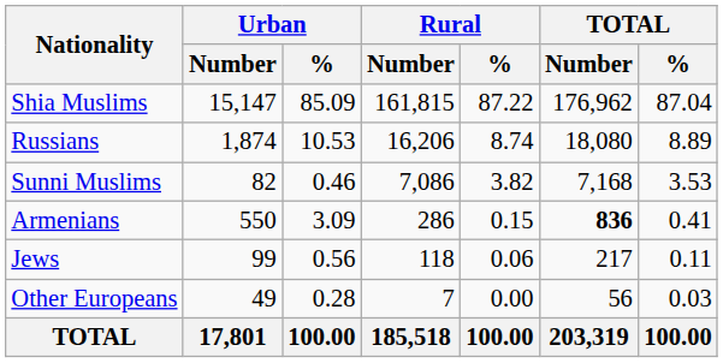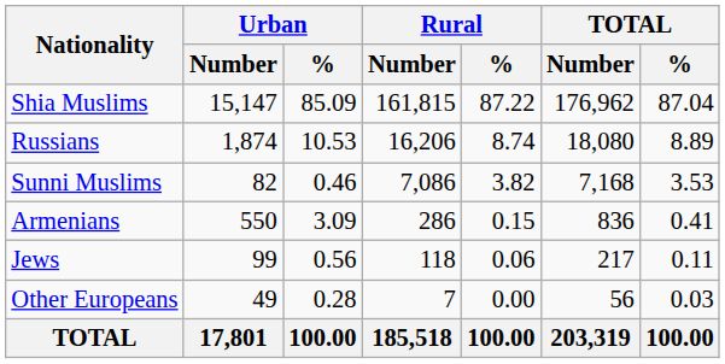 <table class="wikitable sortable">
 <tr>
 <th rowspan="2">Nationality</th>
 <th colspan="2"><a href='#'>Urban</a></th>
 <th colspan="2"><a href='#'>Rural</a></th>
 <th colspan="2">TOTAL</th>
 </tr>
 <tr>
 <th>Number</th>
 <th>%</th>
 <th>Number</th>
 <th>%</th>
 <th>Number</th>
 <th>%</th>
 </tr>
 <tr>
 <td><a href='#'>Shia Muslims</a></td>
 <td align="right">15,147</td>
 <td align="right">85.09</td>
 <td align="right">161,815</td>
 <td align="right">87.22</td>
 <td align="right">176,962</td>
 <td align="right">87.04</td>
 </tr>
 <tr>
 <td><a href='#'>Russians</a></td>
 <td align="right">1,874</td>
 <td align="right">10.53</td>
 <td align="right">16,206</td>
 <td align="right">8.74</td>
 <td align="right">18,080</td>
 <td align="right">8.89</td>
 </tr>
 <tr>
 <td><a href='#'>Sunni Muslims</a></td>
 <td align="right">82</td>
 <td align="right">0.46</td>
 <td align="right">7,086</td>
 <td align="right">3.82</td>
 <td align="right">7,168</td>
 <td align="right">3.53</td>
 </tr>
 <tr>
 <td><a href='#'>Armenians</a></td>
 <td align="right">550</td>
 <td align="right">3.09</td>
 <td align="right">286</td>
 <td align="right">0.15</td>
-<td align="right"><strong>836</strong></td>
+<td align="right">836</td>
 <td align="right">0.41</td>
 </tr>
 <tr>
 <td><a href='#'>Jews</a></td>
 <td align="right">99</td>
 <td align="right">0.56</td>
 <td align="right">118</td>
 <td align="right">0.06</td>
 <td align="right">217</td>
 <td align="right">0.11</td>
 </tr>
 <tr>
 <td><a href='#'>Other Europeans</a></td>
 <td align="right">49</td>
 <td align="right">0.28</td>
 <td align="right">7</td>
 <td align="right">0.00</td>
 <td align="right">56</td>
 <td align="right">0.03</td>
 </tr>
 <tr>
 <th>TOTAL</th>
 <th>17,801</th>
 <th>100.00</th>
 <th>185,518</th>
 <th>100.00</th>
 <th>203,319</th>
 <th>100.00</th>
 </tr>
 </table>
